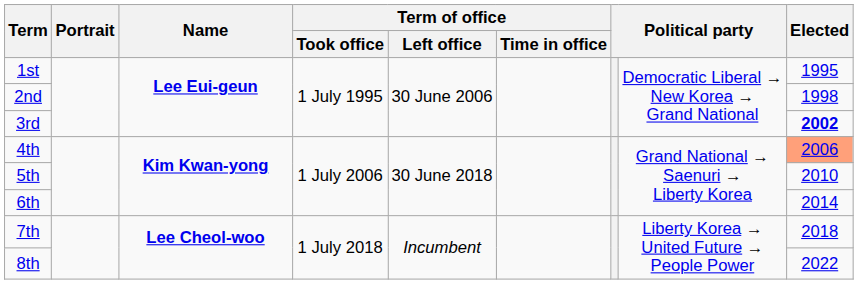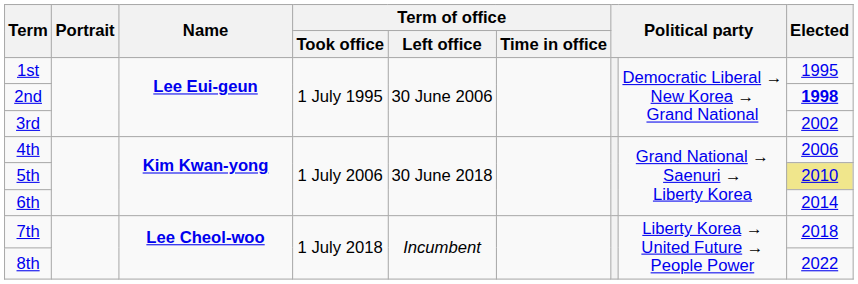 <table class="wikitable" style="text-align:center">
 <tr>
 <th rowspan="2">Term</th>
 <th rowspan="2">Portrait</th>
 <th rowspan="2" width="160">Name<br></th>
 <th colspan="3">Term of office</th>
 <th colspan="2" rowspan="2">Political party</th>
 <th rowspan="2">Elected</th>
 </tr>
 <tr>
 <th>Took office</th>
 <th>Left office</th>
 <th>Time in office</th>
 </tr>
 <tr>
 <td><a href='#'>1st</a></td>
 <td rowspan="3"></td>
 <td rowspan="3"><strong><a href='#'>Lee Eui-geun</a></strong><br><br></td>
 <td rowspan="3">1 July 1995</td>
 <td rowspan="3">30 June 2006</td>
 <td rowspan="3"></td>
 <th rowspan="3" style="background:"></th>
 <td rowspan="3"><a href='#'>Democratic Liberal</a> →<br><a href='#'>New Korea</a> →<br><a href='#'>Grand National</a></td>
 <td><a href='#'>1995</a></td>
 </tr>
 <tr>
 <td><a href='#'>2nd</a></td>
-<td><a href='#'>1998</a></td>
+<td><strong><a href='#'>1998</a></strong></td>
 </tr>
 <tr>
 <td><a href='#'>3rd</a></td>
-<td><strong><a href='#'>2002</a></strong></td>
+<td><a href='#'>2002</a></td>
 </tr>
 <tr>
 <td><a href='#'>4th</a></td>
 <td rowspan="3"></td>
 <td rowspan="3"><strong><a href='#'>Kim Kwan-yong</a></strong><br><br></td>
 <td rowspan="3">1 July 2006</td>
 <td rowspan="3">30 June 2018</td>
 <td rowspan="3"></td>
 <th rowspan="3" style="background:"></th>
 <td rowspan="3"><a href='#'>Grand National</a> →<br><a href='#'>Saenuri</a> →<br><a href='#'>Liberty Korea</a></td>
-<td style="background: lightsalmon;"><a href='#'>2006</a></td>
+<td><a href='#'>2006</a></td>
 </tr>
 <tr>
 <td><a href='#'>5th</a></td>
-<td><a href='#'>2010</a></td>
+<td style="background: khaki;"><a href='#'>2010</a></td>
 </tr>
 <tr>
 <td><a href='#'>6th</a></td>
 <td><a href='#'>2014</a></td>
 </tr>
 <tr>
 <td><a href='#'>7th</a></td>
 <td rowspan="2"></td>
 <td rowspan="2"><strong><a href='#'>Lee Cheol-woo</a></strong><br><br></td>
 <td rowspan="2">1 July 2018</td>
 <td rowspan="2"><em>Incumbent</em></td>
 <td rowspan="2"></td>
 <th rowspan="2" style="background:"></th>
 <td rowspan="2"><a href='#'>Liberty Korea</a> →<br><a href='#'>United Future</a> →<br><a href='#'>People Power</a></td>
 <td><a href='#'>2018</a></td>
 </tr>
 <tr>
 <td><a href='#'>8th</a></td>
 <td><a href='#'>2022</a></td>
 </tr>
 </table>
